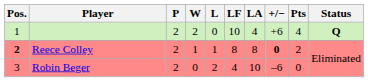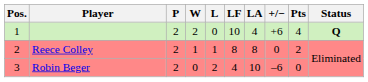 <table class="wikitable" style="text-align:center; margin: 1em auto 1em auto, align:left">
 <tr>
 <th width=20>Pos.</th>
 <th width=185>Player</th>
 <th width=20>P</th>
 <th width=20>W</th>
 <th width=20>L</th>
 <th width=20>LF</th>
 <th width=20>LA</th>
 <th width=25>+/−</th>
 <th width=20>Pts</th>
 <th width=70>Status</th>
 </tr>
 <tr style="background:#D0F0C0;">
 <td>1</td>
 <td align=left></td>
 <td>2</td>
 <td>2</td>
 <td>0</td>
 <td>10</td>
 <td>4</td>
 <td>+6</td>
 <td>4</td>
 <td><strong>Q</strong></td>
 </tr>
 <tr style="background:#FF8888;">
-<td><strong>2</strong></td>
+<td>2</td>
 <td align=left> <a href='#'>Reece Colley</a></td>
 <td>2</td>
 <td>1</td>
 <td>1</td>
 <td>8</td>
 <td>8</td>
-<td><strong>0</strong></td>
+<td>0</td>
 <td>2</td>
 <td rowspan=2>Eliminated</td>
 </tr>
 <tr style="background:#FF8888;">
 <td>3</td>
 <td align=left> <a href='#'>Robin Beger</a></td>
 <td>2</td>
 <td>0</td>
 <td>2</td>
 <td>4</td>
 <td>10</td>
 <td>–6</td>
 <td>0</td>
 </tr>
 </table>
